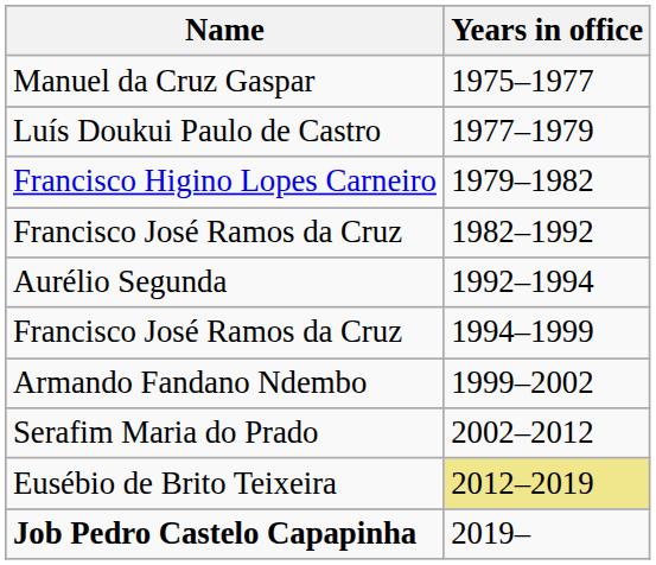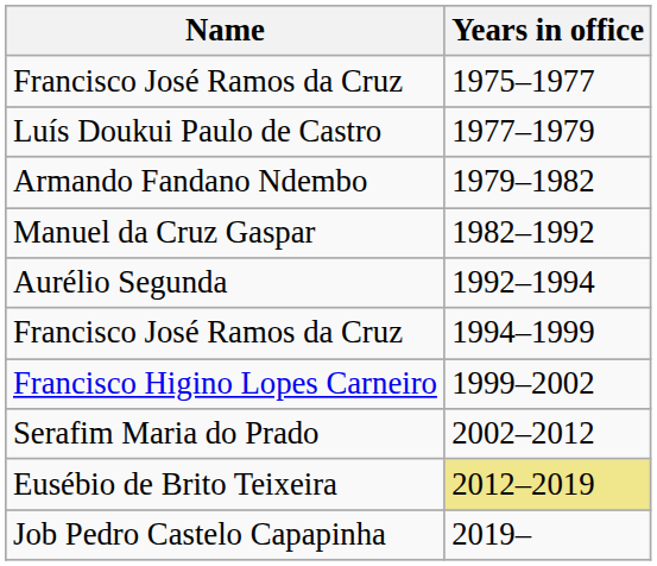 <table class="wikitable sortable">
 <tr>
 <th>Name</th>
 <th>Years in office</th>
 </tr>
 <tr>
-<td>Manuel da Cruz Gaspar</td>
+<td>Francisco José Ramos da Cruz</td>
 <td data-sort-value="01">1975–1977</td>
 </tr>
 <tr>
 <td>Luís Doukui Paulo de Castro</td>
 <td data-sort-value="03">1977–1979</td>
 </tr>
 <tr>
-<td><a href='#'>Francisco Higino Lopes Carneiro</a></td>
+<td>Armando Fandano Ndembo</td>
 <td data-sort-value="04">1979–1982</td>
 </tr>
 <tr>
-<td>Francisco José Ramos da Cruz</td>
+<td>Manuel da Cruz Gaspar</td>
 <td data-sort-value="11">1982–1992</td>
 </tr>
 <tr>
 <td>Aurélio Segunda</td>
 <td data-sort-value="03">1992–1994</td>
 </tr>
 <tr>
 <td>Francisco José Ramos da Cruz</td>
 <td data-sort-value="06">1994–1999</td>
 </tr>
 <tr>
-<td>Armando Fandano Ndembo</td>
+<td><a href='#'>Francisco Higino Lopes Carneiro</a></td>
 <td data-sort-value="04">1999–2002</td>
 </tr>
 <tr>
 <td>Serafim Maria do Prado</td>
 <td data-sort-value="11">2002–2012</td>
 </tr>
 <tr>
 <td>Eusébio de Brito Teixeira</td>
 <td data-sort-value="08" style="background: khaki;">2012–2019</td>
 </tr>
 <tr>
-<td><strong>Job Pedro Castelo Capapinha</strong></td>
+<td>Job Pedro Castelo Capapinha</td>
 <td data-sort-value="01">2019–</td>
 </tr>
 </table>
